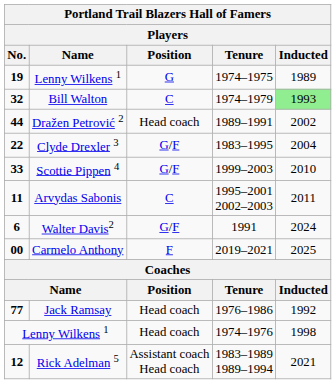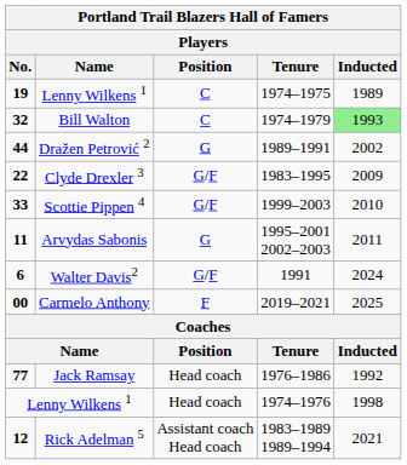 <table class="wikitable" style="text-align:center">
 <tr>
 <th colspan="5">Portland Trail Blazers Hall of Famers</th>
 </tr>
 <tr>
 <th colspan="5" style="text-align:center; ">Players</th>
 </tr>
 <tr>
 <th>No.</th>
 <th>Name</th>
 <th>Position</th>
 <th>Tenure</th>
 <th>Inducted</th>
 </tr>
 <tr>
 <td><strong>19</strong></td>
 <td><a href='#'>Lenny Wilkens</a> <sup>1</sup></td>
-<td><a href='#'>G</a></td>
+<td><a href='#'>C</a></td>
 <td>1974–1975</td>
 <td>1989</td>
 </tr>
 <tr>
 <td><strong>32</strong></td>
 <td><a href='#'>Bill Walton</a></td>
 <td><a href='#'>C</a></td>
 <td>1974–1979</td>
 <td style="background: lightgreen;">1993</td>
 </tr>
 <tr>
 <td><strong>44</strong></td>
 <td><a href='#'>Dražen Petrović</a> <sup>2</sup></td>
-<td>Head coach</td>
+<td><a href='#'>G</a></td>
 <td>1989–1991</td>
 <td>2002</td>
 </tr>
 <tr>
 <td><strong>22</strong></td>
 <td><a href='#'>Clyde Drexler</a> <sup>3</sup></td>
 <td><a href='#'>G</a>/<a href='#'>F</a></td>
 <td>1983–1995</td>
-<td>2004</td>
+<td>2009</td>
 </tr>
 <tr>
 <td><strong>33</strong></td>
 <td><a href='#'>Scottie Pippen</a> <sup>4</sup></td>
 <td><a href='#'>G</a>/<a href='#'>F</a></td>
 <td>1999–2003</td>
 <td>2010</td>
 </tr>
 <tr>
 <td><strong>11</strong></td>
 <td><a href='#'>Arvydas Sabonis</a></td>
-<td><a href='#'>C</a></td>
+<td><a href='#'>G</a></td>
 <td>1995–2001<br>2002–2003</td>
 <td>2011</td>
 </tr>
 <tr>
 <td><strong>6</strong></td>
 <td><a href='#'>Walter Davis</a><sup>2</sup></td>
 <td><a href='#'>G</a>/<a href='#'>F</a></td>
 <td>1991</td>
 <td>2024</td>
 </tr>
 <tr>
 <td><strong>00</strong></td>
 <td><a href='#'>Carmelo Anthony</a></td>
 <td><a href='#'>F</a></td>
 <td>2019–2021</td>
 <td>2025</td>
 </tr>
 <tr>
 <th colspan="5" style="text-align:center; ">Coaches</th>
 </tr>
 <tr>
 <th colspan="2">Name</th>
 <th>Position</th>
 <th>Tenure</th>
 <th>Inducted</th>
 </tr>
 <tr>
 <td><strong>77</strong></td>
 <td><a href='#'>Jack Ramsay</a></td>
 <td>Head coach</td>
 <td>1976–1986</td>
 <td>1992</td>
 </tr>
 <tr>
 <td colspan="2"><a href='#'>Lenny Wilkens</a> <sup>1</sup></td>
 <td>Head coach</td>
 <td>1974–1976</td>
 <td>1998</td>
 </tr>
 <tr>
 <td><strong>12</strong></td>
 <td><a href='#'>Rick Adelman</a> <sup>5</sup></td>
 <td>Assistant coach<br>Head coach</td>
 <td>1983–1989<br>1989–1994</td>
 <td>2021</td>
 </tr>
 </table>
